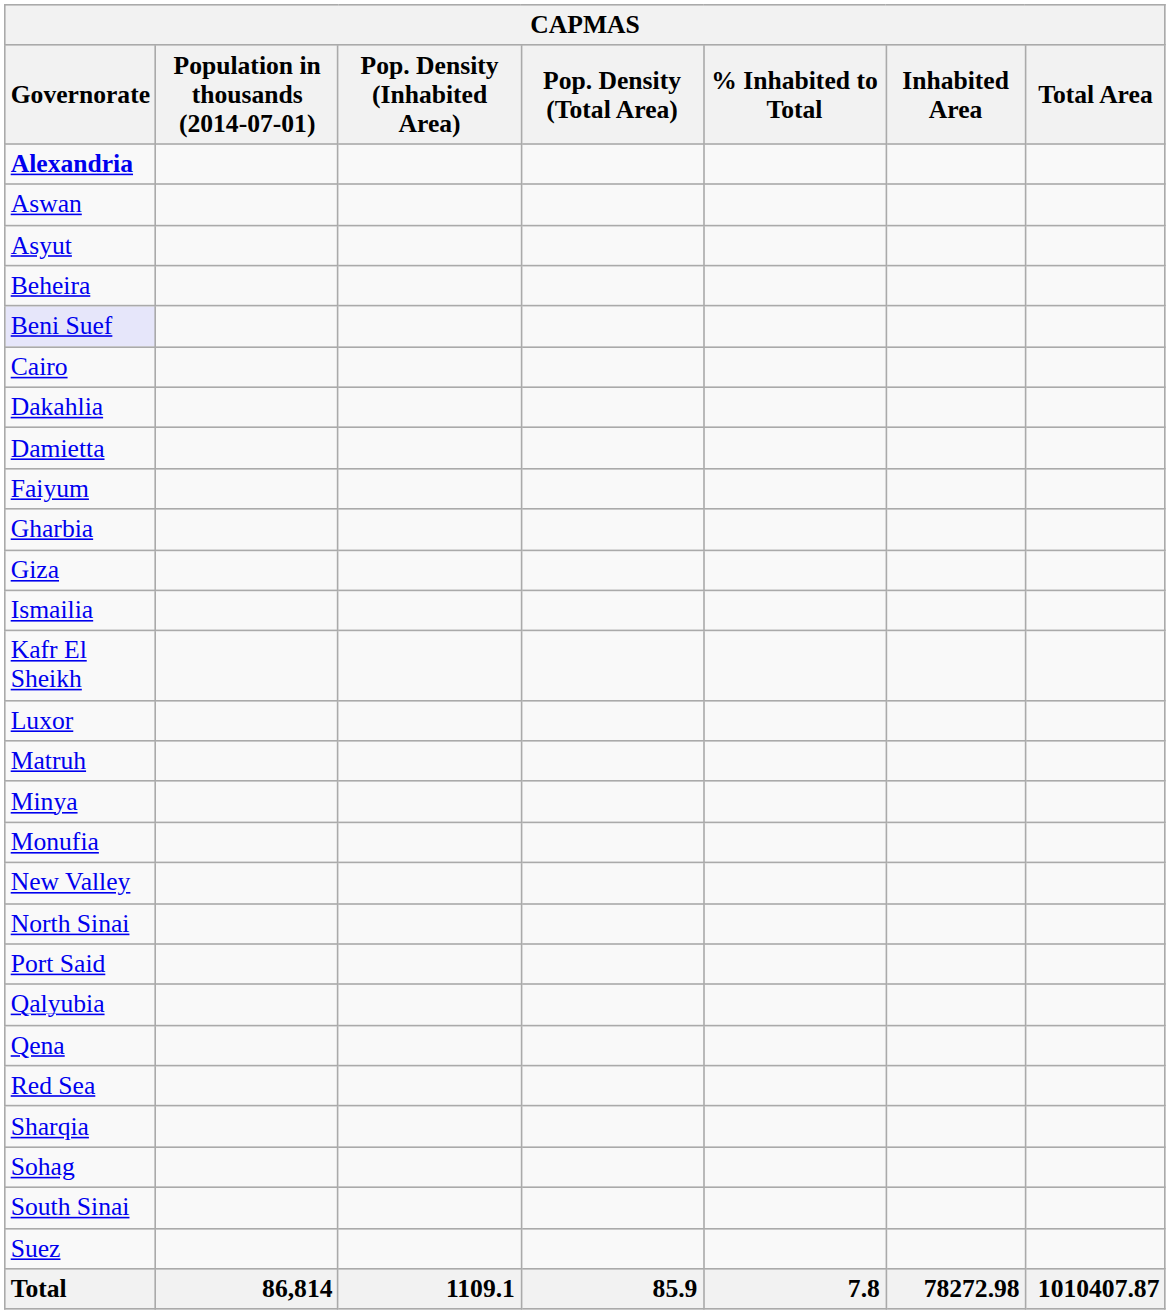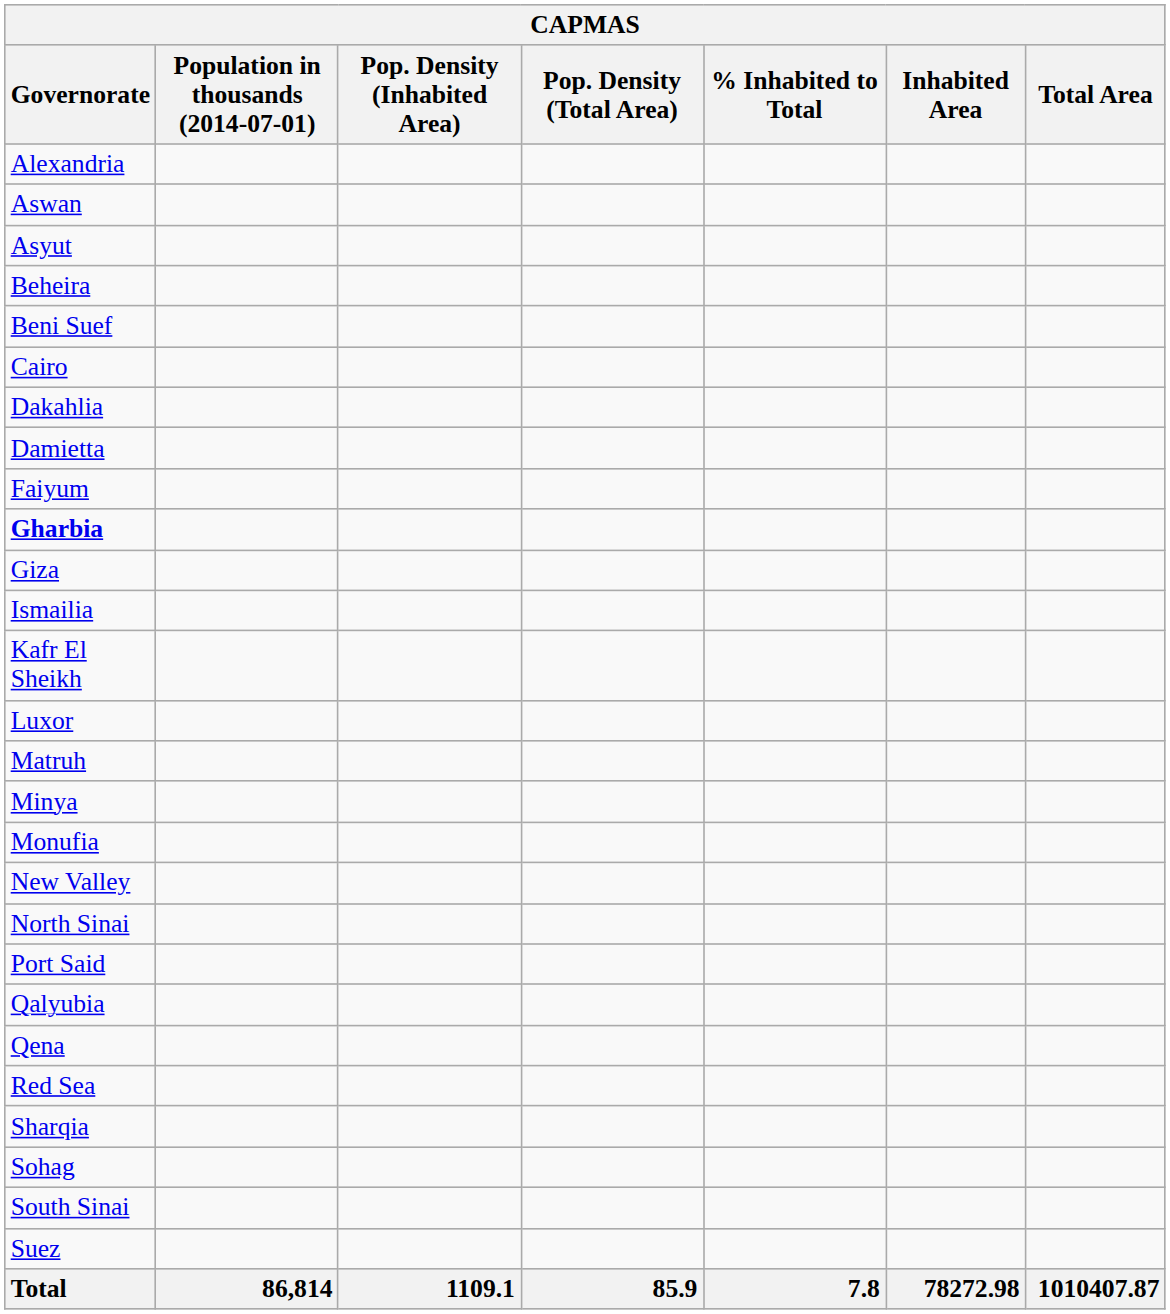 <table class="wikitable sortable">
 <tr>
 <th colspan="7">CAPMAS</th>
 </tr>
 <tr>
 <th style="width:60pt;">Governorate</th>
 <th style="width:80pt;">Population in thousands (2014-07-01)</th>
 <th style="width:80pt;">Pop. Density (Inhabited Area)</th>
 <th style="width:80pt;">Pop. Density (Total Area)</th>
 <th style="width:80pt;">% Inhabited to Total</th>
 <th style="width:60pt;">Inhabited Area</th>
 <th style="width:60pt;">Total Area</th>
 </tr>
 <tr>
-<td><strong><a href='#'>Alexandria</a></strong></td>
+<td><a href='#'>Alexandria</a></td>
 <td align = right></td>
 <td align = right></td>
 <td align = right></td>
 <td align = right></td>
 <td align = right></td>
 <td align = right></td>
 </tr>
 <tr>
 <td><a href='#'>Aswan</a></td>
 <td align = right></td>
 <td align = right></td>
 <td align = right></td>
 <td align = right></td>
 <td align = right></td>
 <td align = right></td>
 </tr>
 <tr>
 <td><a href='#'>Asyut</a></td>
 <td align = right></td>
 <td align = right></td>
 <td align = right></td>
 <td align = right></td>
 <td align = right></td>
 <td align = right></td>
 </tr>
 <tr>
 <td><a href='#'>Beheira</a></td>
 <td align = right></td>
 <td align = right></td>
 <td align = right></td>
 <td align = right></td>
 <td align = right></td>
 <td align = right></td>
 </tr>
 <tr>
-<td style="background: lavender;"><a href='#'>Beni Suef</a></td>
+<td><a href='#'>Beni Suef</a></td>
 <td align = right></td>
 <td align = right></td>
 <td align = right></td>
 <td align = right></td>
 <td align = right></td>
 <td align = right></td>
 </tr>
 <tr>
 <td><a href='#'>Cairo</a></td>
 <td align = right></td>
 <td align = right></td>
 <td align = right></td>
 <td align = right></td>
 <td align = right></td>
 <td align = right></td>
 </tr>
 <tr>
 <td><a href='#'>Dakahlia</a></td>
 <td align = right></td>
 <td align = right></td>
 <td align = right></td>
 <td align = right></td>
 <td align = right></td>
 <td align = right></td>
 </tr>
 <tr>
 <td><a href='#'>Damietta</a></td>
 <td align = right></td>
 <td align = right></td>
 <td align = right></td>
 <td align = right></td>
 <td align = right></td>
 <td align = right></td>
 </tr>
 <tr>
 <td><a href='#'>Faiyum</a></td>
 <td align = right></td>
 <td align = right></td>
 <td align = right></td>
 <td align = right></td>
 <td align = right></td>
 <td align = right></td>
 </tr>
 <tr>
-<td><a href='#'>Gharbia</a></td>
+<td><strong><a href='#'>Gharbia</a></strong></td>
 <td align = right></td>
 <td align = right></td>
 <td align = right></td>
 <td align = right></td>
 <td align = right></td>
 <td align = right></td>
 </tr>
 <tr>
 <td><a href='#'>Giza</a></td>
 <td align = right></td>
 <td align = right></td>
 <td align = right></td>
 <td align = right></td>
 <td align = right></td>
 <td align = right></td>
 </tr>
 <tr>
 <td><a href='#'>Ismailia</a></td>
 <td align = right></td>
 <td align = right></td>
 <td align = right></td>
 <td align = right></td>
 <td align = right></td>
 <td align = right></td>
 </tr>
 <tr>
 <td><a href='#'>Kafr El Sheikh</a></td>
 <td align = right></td>
 <td align = right></td>
 <td align = right></td>
 <td align = right></td>
 <td align = right></td>
 <td align = right></td>
 </tr>
 <tr>
 <td><a href='#'>Luxor</a></td>
 <td align = right></td>
 <td align = right></td>
 <td align = right></td>
 <td align = right></td>
 <td align = right></td>
 <td align = right></td>
 </tr>
 <tr>
 <td><a href='#'>Matruh</a></td>
 <td align = right></td>
 <td align = right></td>
 <td align = right></td>
 <td align = right></td>
 <td align = right></td>
 <td align = right></td>
 </tr>
 <tr>
 <td><a href='#'>Minya</a></td>
 <td align = right></td>
 <td align = right></td>
 <td align = right></td>
 <td align = right></td>
 <td align = right></td>
 <td align = right></td>
 </tr>
 <tr>
 <td><a href='#'>Monufia</a></td>
 <td align = right></td>
 <td align = right></td>
 <td align = right></td>
 <td align = right></td>
 <td align = right></td>
 <td align = right></td>
 </tr>
 <tr>
 <td><a href='#'>New Valley</a></td>
 <td align = right></td>
 <td align = right></td>
 <td align = right></td>
 <td align = right></td>
 <td align = right></td>
 <td align = right></td>
 </tr>
 <tr>
 <td><a href='#'>North Sinai</a></td>
 <td align = right></td>
 <td align = right></td>
 <td align = right></td>
 <td align = right></td>
 <td align = right></td>
 <td align = right></td>
 </tr>
 <tr>
 <td><a href='#'>Port Said</a></td>
 <td align = right></td>
 <td align = right></td>
 <td align = right></td>
 <td align = right></td>
 <td align = right></td>
 <td align = right></td>
 </tr>
 <tr>
 <td><a href='#'>Qalyubia</a></td>
 <td align = right></td>
 <td align = right></td>
 <td align = right></td>
 <td align = right></td>
 <td align = right></td>
 <td align = right></td>
 </tr>
 <tr>
 <td><a href='#'>Qena</a></td>
 <td align = right></td>
 <td align = right></td>
 <td align = right></td>
 <td align = right></td>
 <td align = right></td>
 <td align = right></td>
 </tr>
 <tr>
 <td><a href='#'>Red Sea</a></td>
 <td align = right></td>
 <td align = right></td>
 <td align = right></td>
 <td align = right></td>
 <td align = right></td>
 <td align = right></td>
 </tr>
 <tr>
 <td><a href='#'>Sharqia</a></td>
 <td align = right></td>
 <td align = right></td>
 <td align = right></td>
 <td align = right></td>
 <td align = right></td>
 <td align = right></td>
 </tr>
 <tr>
 <td><a href='#'>Sohag</a></td>
 <td align = right></td>
 <td align = right></td>
 <td align = right></td>
 <td align = right></td>
 <td align = right></td>
 <td align = right></td>
 </tr>
 <tr>
 <td><a href='#'>South Sinai</a></td>
 <td align = right></td>
 <td align = right></td>
 <td align = right></td>
 <td align = right></td>
 <td align = right></td>
 <td align = right></td>
 </tr>
 <tr>
 <td><a href='#'>Suez</a></td>
 <td align = right></td>
 <td align = right></td>
 <td align = right></td>
 <td align = right></td>
 <td align = right></td>
 <td align = right></td>
 </tr>
 <tr class="sortbottom">
 <th style="text-align:left;">Total</th>
 <th style="text-align:right;">86,814</th>
 <th style="text-align:right;">1109.1</th>
 <th style="text-align:right;">85.9</th>
 <th style="text-align:right;">7.8</th>
 <th style="text-align:right;">78272.98</th>
 <th style="text-align:right;">1010407.87</th>
 </tr>
 </table>
